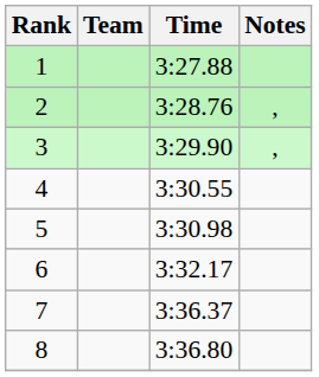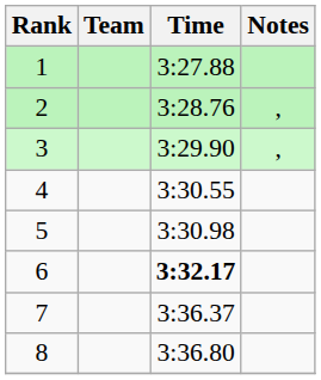 <table class="wikitable sortable collapsible" style="text-align:center">
 <tr>
 <th>Rank</th>
 <th>Team</th>
 <th>Time</th>
 <th>Notes</th>
 </tr>
 <tr bgcolor=bbf3bb>
 <td>1</td>
 <td></td>
 <td>3:27.88</td>
 <td></td>
 </tr>
 <tr bgcolor=bbf3bb>
 <td>2</td>
 <td></td>
 <td>3:28.76</td>
 <td>, </td>
 </tr>
 <tr bgcolor=ccf9cc>
 <td>3</td>
 <td></td>
 <td>3:29.90</td>
 <td>, </td>
 </tr>
 <tr>
 <td>4</td>
 <td></td>
 <td>3:30.55</td>
 <td></td>
 </tr>
 <tr>
 <td>5</td>
 <td></td>
 <td>3:30.98</td>
 <td></td>
 </tr>
 <tr>
 <td>6</td>
 <td></td>
-<td>3:32.17</td>
+<td><strong>3:32.17</strong></td>
 <td></td>
 </tr>
 <tr>
 <td>7</td>
 <td></td>
 <td>3:36.37</td>
 <td></td>
 </tr>
 <tr>
 <td>8</td>
 <td></td>
 <td>3:36.80</td>
 <td></td>
 </tr>
 <tr>
 </tr>
 </table>
